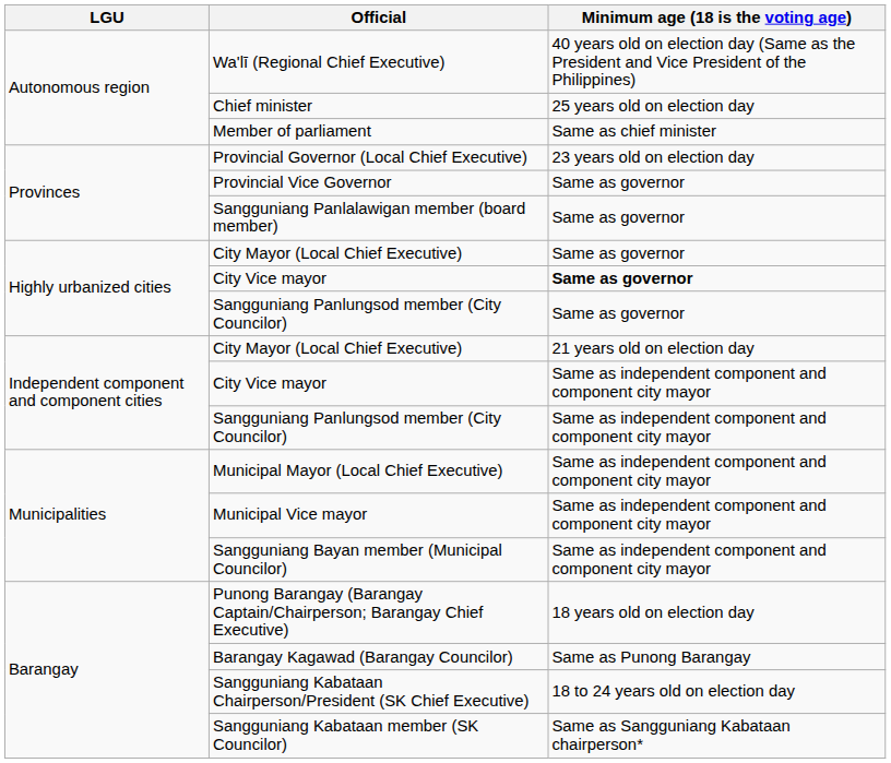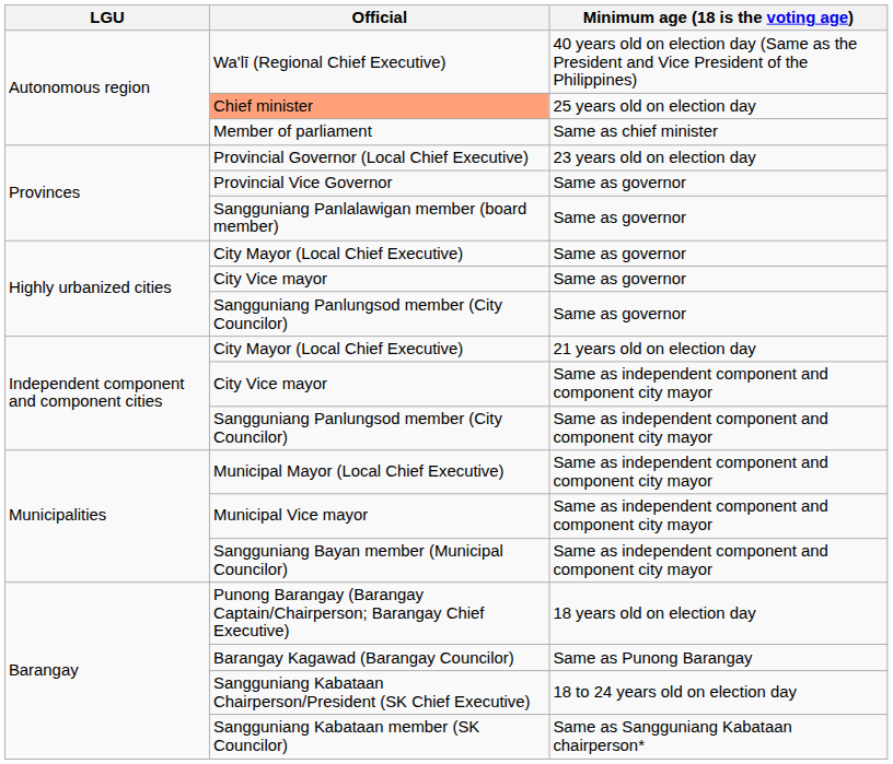 <table class=wikitable>
 <tr>
 <th>LGU</th>
 <th>Official</th>
 <th>Minimum age (18 is the <a href='#'>voting age</a>)</th>
 </tr>
 <tr>
 <td rowspan=3>Autonomous region</td>
 <td>Wa'lī (Regional Chief Executive)</td>
 <td>40 years old on election day (Same as the President and Vice President of the Philippines)</td>
 </tr>
 <tr>
-<td>Chief minister</td>
+<td style="background: lightsalmon;">Chief minister</td>
 <td>25 years old on election day</td>
 </tr>
 <tr>
 <td>Member of parliament</td>
 <td>Same as chief minister</td>
 </tr>
 <tr>
 <td rowspan=3>Provinces</td>
 <td>Provincial Governor (Local Chief Executive)</td>
 <td>23 years old on election day</td>
 </tr>
 <tr>
 <td>Provincial Vice Governor</td>
 <td>Same as governor</td>
 </tr>
 <tr>
 <td>Sangguniang Panlalawigan member (board member)</td>
 <td>Same as governor</td>
 </tr>
 <tr>
 <td rowspan=3>Highly urbanized cities</td>
 <td>City Mayor (Local Chief Executive)</td>
 <td>Same as governor</td>
 </tr>
 <tr>
 <td>City Vice mayor</td>
-<td><strong>Same as governor</strong></td>
+<td>Same as governor</td>
 </tr>
 <tr>
 <td>Sangguniang Panlungsod member (City Councilor)</td>
 <td>Same as governor</td>
 </tr>
 <tr>
 <td rowspan=3>Independent component and component cities</td>
 <td>City Mayor (Local Chief Executive)</td>
 <td>21 years old on election day</td>
 </tr>
 <tr>
 <td>City Vice mayor</td>
 <td>Same as independent component and component city mayor</td>
 </tr>
 <tr>
 <td>Sangguniang Panlungsod member (City Councilor)</td>
 <td>Same as independent component and component city mayor</td>
 </tr>
 <tr>
 <td rowspan=3>Municipalities</td>
 <td>Municipal Mayor (Local Chief Executive)</td>
 <td>Same as independent component and component city mayor</td>
 </tr>
 <tr>
 <td>Municipal Vice mayor</td>
 <td>Same as independent component and component city mayor</td>
 </tr>
 <tr>
 <td>Sangguniang Bayan member (Municipal Councilor)</td>
 <td>Same as independent component and component city mayor</td>
 </tr>
 <tr>
 <td rowspan=4>Barangay</td>
 <td>Punong Barangay (Barangay Captain/Chairperson; Barangay Chief Executive)</td>
 <td>18 years old on election day</td>
 </tr>
 <tr>
 <td>Barangay Kagawad (Barangay Councilor)</td>
 <td>Same as Punong Barangay</td>
 </tr>
 <tr>
 <td>Sangguniang Kabataan Chairperson/President (SK Chief Executive)</td>
 <td>18 to 24 years old on election day</td>
 </tr>
 <tr>
 <td>Sangguniang Kabataan member (SK Councilor)</td>
 <td>Same as Sangguniang Kabataan chairperson*</td>
 </tr>
 </table>
